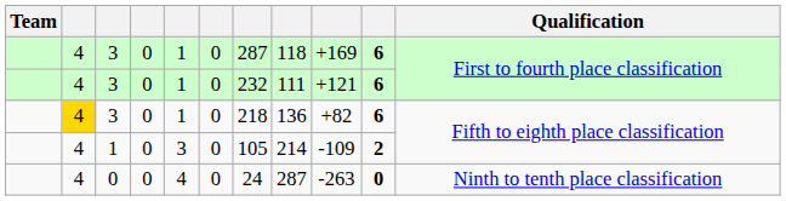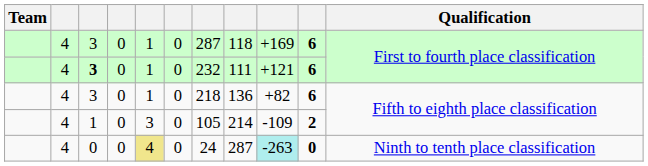 <table class="wikitable" style="text-align:center;">
 <tr>
 <th>Team</th>
 <th width=20></th>
 <th width=20></th>
 <th width=20></th>
 <th width=20></th>
 <th width=20></th>
 <th width=20></th>
 <th width=20></th>
 <th width=20></th>
 <th width=20></th>
 <th width=300>Qualification</th>
 </tr>
 <tr bgcolor="#ccffcc">
 <td align=left></td>
 <td>4</td>
 <td>3</td>
 <td>0</td>
 <td>1</td>
 <td>0</td>
 <td>287</td>
 <td>118</td>
 <td>+169</td>
 <td><strong>6</strong></td>
 <td rowspan=2><a href='#'>First to fourth place classification</a></td>
 </tr>
 <tr bgcolor="#ccffcc">
 <td align=left></td>
 <td>4</td>
-<td>3</td>
+<td><strong>3</strong></td>
 <td>0</td>
 <td>1</td>
 <td>0</td>
 <td>232</td>
 <td>111</td>
 <td>+121</td>
 <td><strong>6</strong></td>
 </tr>
 <tr>
 <td align=left></td>
-<td style="background: gold;">4</td>
+<td>4</td>
 <td>3</td>
 <td>0</td>
 <td>1</td>
 <td>0</td>
 <td>218</td>
 <td>136</td>
 <td>+82</td>
 <td><strong>6</strong></td>
 <td rowspan=2><a href='#'>Fifth to eighth place classification</a></td>
 </tr>
 <tr>
 <td align=left></td>
 <td>4</td>
 <td>1</td>
 <td>0</td>
 <td>3</td>
 <td>0</td>
 <td>105</td>
 <td>214</td>
 <td>-109</td>
 <td><strong>2</strong></td>
 </tr>
 <tr>
 <td align=left></td>
 <td>4</td>
 <td>0</td>
 <td>0</td>
-<td>4</td>
+<td style="background: khaki;">4</td>
 <td>0</td>
 <td>24</td>
 <td>287</td>
-<td>-263</td>
+<td style="background: paleturquoise;">-263</td>
 <td><strong>0</strong></td>
 <td><a href='#'>Ninth to tenth place classification</a></td>
 </tr>
 </table>
